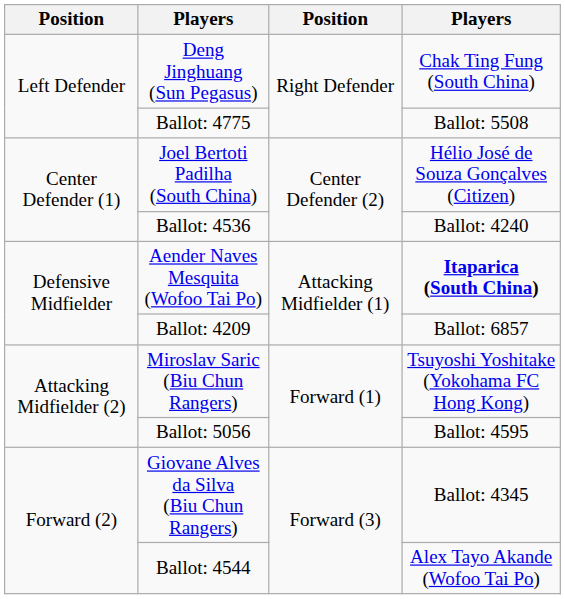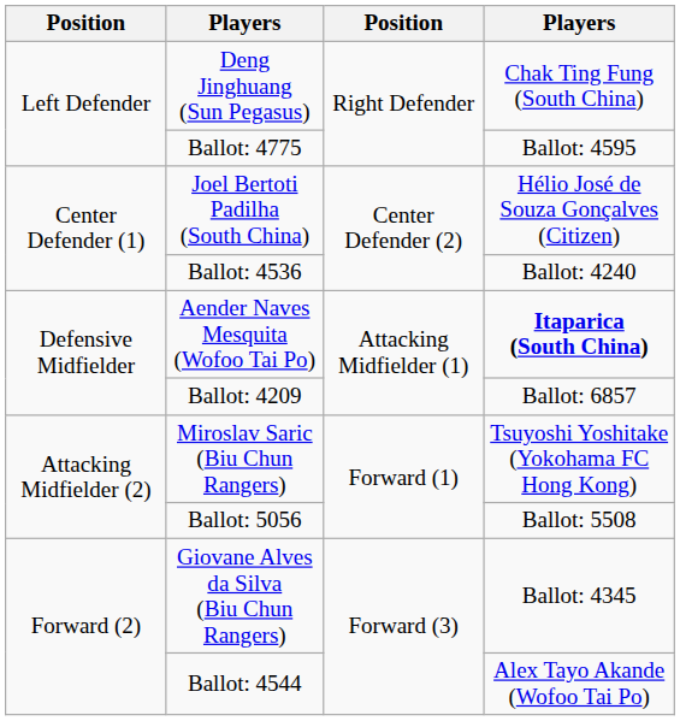 <table class="wikitable" style="width: 75%" align="center">
 <tr>
 <th>Position</th>
 <th>Players</th>
 <th>Position</th>
 <th>Players</th>
 </tr>
 <tr>
 <td rowspan="2" align="center">Left Defender</td>
 <td align="center"> <a href='#'>Deng Jinghuang</a><br>(<a href='#'>Sun Pegasus</a>)</td>
 <td rowspan="2" align="center">Right Defender</td>
 <td align="center"> <a href='#'>Chak Ting Fung</a><br>(<a href='#'>South China</a>)</td>
 </tr>
 <tr>
 <td align="center">Ballot: 4775</td>
-<td align="center">Ballot: 5508</td>
+<td align="center">Ballot: 4595</td>
 </tr>
 <tr>
 <td rowspan="2" align="center">Center Defender (1)</td>
 <td align="center"> <a href='#'>Joel Bertoti Padilha</a><br>(<a href='#'>South China</a>)</td>
 <td rowspan="2" align="center">Center Defender (2)</td>
 <td align="center"> <a href='#'>Hélio José de Souza Gonçalves</a><br>(<a href='#'>Citizen</a>)</td>
 </tr>
 <tr>
 <td align="center">Ballot: 4536</td>
 <td align="center">Ballot: 4240</td>
 </tr>
 <tr>
 <td rowspan="2" align="center">Defensive Midfielder</td>
 <td align="center"> <a href='#'>Aender Naves Mesquita</a><br>(<a href='#'>Wofoo Tai Po</a>)</td>
 <td rowspan="2" align="center">Attacking Midfielder (1)</td>
 <td align="center"><strong> <a href='#'>Itaparica</a><br>(<a href='#'>South China</a>)</strong></td>
 </tr>
 <tr>
 <td align="center">Ballot: 4209</td>
 <td align="center">Ballot: 6857</td>
 </tr>
 <tr>
 <td rowspan="2" align="center">Attacking Midfielder (2)</td>
 <td align="center"> <a href='#'>Miroslav Saric</a><br>(<a href='#'>Biu Chun Rangers</a>)</td>
 <td rowspan="2" align="center">Forward (1)</td>
 <td align="center"> <a href='#'>Tsuyoshi Yoshitake</a><br>(<a href='#'>Yokohama FC Hong Kong</a>)</td>
 </tr>
 <tr>
 <td align="center">Ballot: 5056</td>
-<td align="center">Ballot: 4595</td>
+<td align="center">Ballot: 5508</td>
 </tr>
 <tr>
 <td rowspan="2" align="center">Forward (2)</td>
 <td align="center"> <a href='#'>Giovane Alves da Silva</a><br>(<a href='#'>Biu Chun Rangers</a>)</td>
 <td rowspan="2" align="center">Forward (3)</td>
 <td align="center">Ballot: 4345</td>
 </tr>
 <tr>
 <td align="center">Ballot: 4544</td>
 <td align="center"> <a href='#'>Alex Tayo Akande</a><br>(<a href='#'>Wofoo Tai Po</a>)</td>
 </tr>
 </table>
